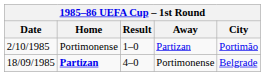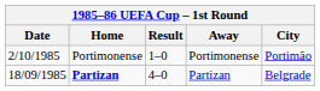 <table class="wikitable">
 <tr>
 <th colspan=5><a href='#'>1985–86 UEFA Cup</a> – 1st Round</th>
 </tr>
 <tr>
 <th>Date</th>
 <th>Home</th>
 <th>Result</th>
 <th>Away</th>
 <th>City</th>
 </tr>
 <tr>
 <td>2/10/1985</td>
 <td> Portimonense</td>
 <td>1–0</td>
-<td> <a href='#'>Partizan</a></td>
+<td> Portimonense</td>
 <td><a href='#'>Portimão</a></td>
 </tr>
 <tr>
 <td>18/09/1985</td>
 <td> <strong><a href='#'>Partizan</a></strong></td>
 <td>4–0</td>
-<td> Portimonense</td>
+<td> <a href='#'>Partizan</a></td>
 <td><a href='#'>Belgrade</a></td>
 </tr>
 </table>
